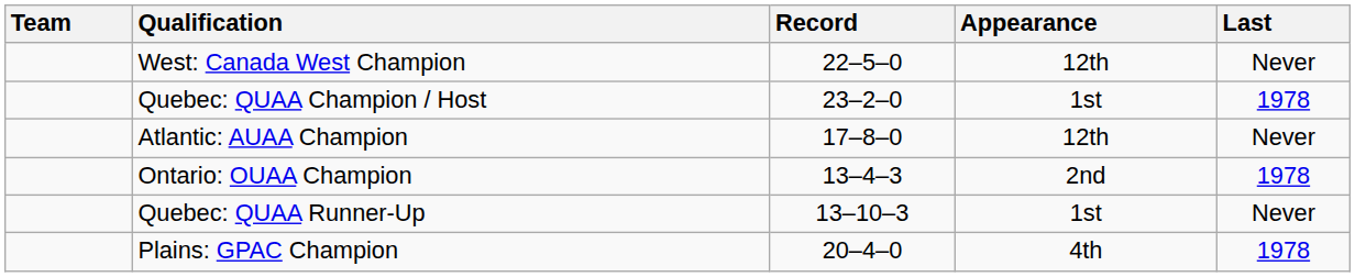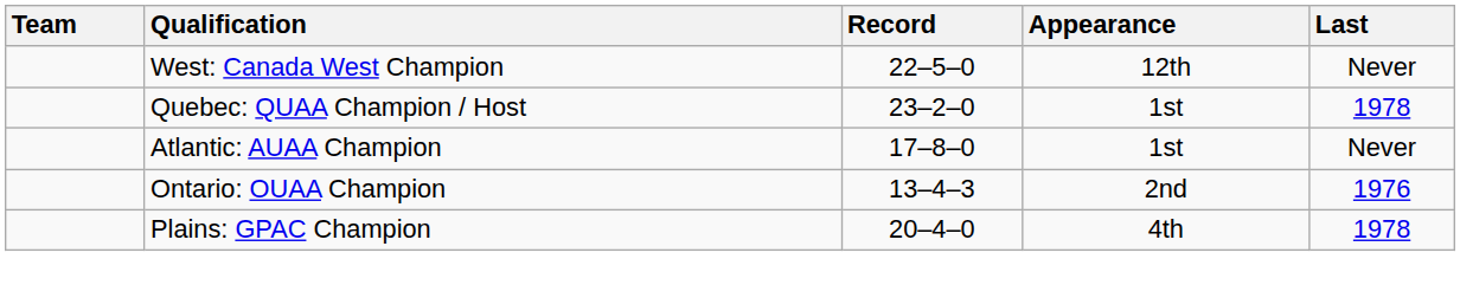 <table class="wikitable sortable" style="text-align: center;" width=900>
 <tr style="background:#efefef; text-align:center">
 <th style="text-align:left">Team</th>
 <th style="text-align:left">Qualification</th>
 <th style="text-align:left">Record</th>
 <th style="text-align:left">Appearance</th>
 <th style="text-align:left">Last</th>
 </tr>
 <tr style="text-align:center">
 <td style="text-align:left; "><a href='#'></a></td>
 <td style="text-align:left">West: <a href='#'>Canada West</a> Champion</td>
 <td style="text-align:center">22–5–0</td>
 <td style="text-align:center">12th</td>
 <td style="text-align:center">Never</td>
 </tr>
 <tr style="text-align:center">
 <td style="text-align:left; "><a href='#'></a></td>
 <td style="text-align:left">Quebec: <a href='#'>QUAA</a> Champion / Host</td>
 <td style="text-align:center">23–2–0</td>
 <td style="text-align:center">1st</td>
 <td style="text-align:center"><a href='#'>1978</a></td>
 </tr>
 <tr style="text-align:center">
 <td style="text-align:left; "><a href='#'></a></td>
 <td style="text-align:left">Atlantic: <a href='#'>AUAA</a> Champion</td>
 <td style="text-align:center">17–8–0</td>
-<td style="text-align:center">12th</td>
+<td style="text-align:center">1st</td>
 <td style="text-align:center">Never</td>
 </tr>
 <tr style="text-align:center">
 <td style="text-align:left; "><a href='#'></a></td>
 <td style="text-align:left">Ontario: <a href='#'>OUAA</a> Champion</td>
 <td style="text-align:center">13–4–3</td>
 <td style="text-align:center">2nd</td>
-<td style="text-align:center"><a href='#'>1978</a></td>
-</tr>
-<tr style="text-align:center">
-<td style="text-align:left; "><a href='#'></a></td>
-<td style="text-align:left">Quebec: <a href='#'>QUAA</a> Runner-Up</td>
-<td style="text-align:center">13–10–3</td>
-<td style="text-align:center">1st</td>
-<td style="text-align:center">Never</td>
+<td style="text-align:center"><a href='#'>1976</a></td>
 </tr>
 <tr style="text-align:center">
 <td style="text-align:left; "><a href='#'></a></td>
 <td style="text-align:left">Plains: <a href='#'>GPAC</a> Champion</td>
 <td style="text-align:center">20–4–0</td>
 <td style="text-align:center">4th</td>
 <td style="text-align:center"><a href='#'>1978</a></td>
 </tr>
 </table>
